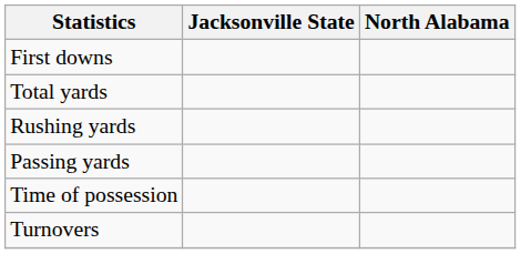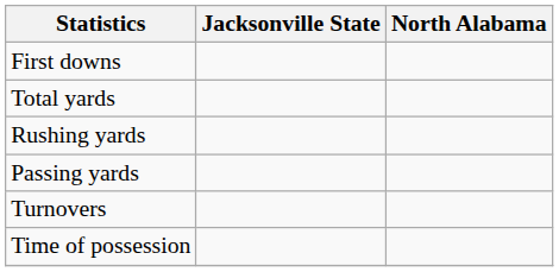 <table class="wikitable">
 <tr>
 <th>Statistics</th>
 <th>Jacksonville State</th>
 <th>North Alabama</th>
 </tr>
 <tr>
 <td>First downs</td>
 <td> </td>
 <td> </td>
 </tr>
 <tr>
 <td>Total yards</td>
 <td> </td>
 <td> </td>
 </tr>
 <tr>
 <td>Rushing yards</td>
 <td> </td>
 <td> </td>
 </tr>
 <tr>
 <td>Passing yards</td>
 <td> </td>
 <td> </td>
 </tr>
 <tr>
-<td>Time of possession</td>
+<td>Turnovers</td>
 <td> </td>
 <td> </td>
 </tr>
 <tr>
-<td>Turnovers</td>
+<td>Time of possession</td>
 <td> </td>
 <td> </td>
 </tr>
 <tr>
 </tr>
 </table>
